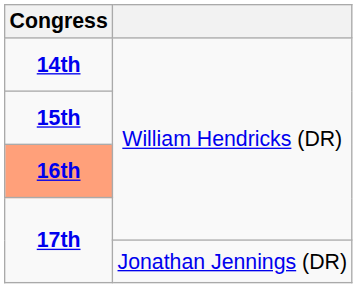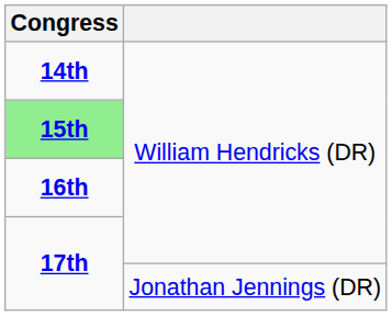 <table class="wikitable" style="text-align:center;">
 <tr>
 <th>Congress</th>
 <th></th>
 </tr>
 <tr style="height:2.5em">
 <td><strong><a href='#'>14th</a></strong> </td>
 <td rowspan=4 ><a href='#'>William Hendricks</a> (DR)</td>
 </tr>
 <tr style="height:2.5em">
-<td><strong><a href='#'>15th</a></strong> </td>
+<td style="background: lightgreen;"><strong><a href='#'>15th</a></strong> </td>
 </tr>
 <tr style="height:2.5em">
-<td style="background: lightsalmon;"><strong><a href='#'>16th</a></strong> </td>
+<td><strong><a href='#'>16th</a></strong> </td>
 </tr>
 <tr style="height:2em">
 <td rowspan=2><strong><a href='#'>17th</a></strong> </td>
 </tr>
 <tr style="height:2em">
 <td><a href='#'>Jonathan Jennings</a> (DR)</td>
 </tr>
 </table>
